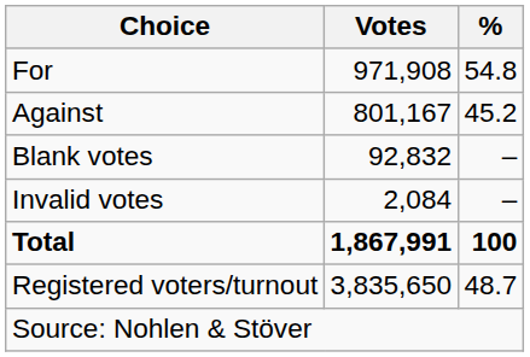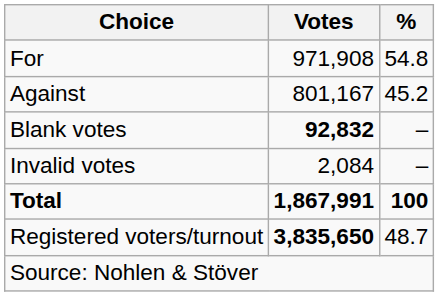 <table class=wikitable style=text-align:right>
 <tr>
 <th>Choice</th>
 <th>Votes</th>
 <th>%</th>
 </tr>
 <tr>
 <td align=left>For</td>
 <td>971,908</td>
 <td>54.8</td>
 </tr>
 <tr>
 <td align=left>Against</td>
 <td>801,167</td>
 <td>45.2</td>
 </tr>
 <tr>
 <td align=left>Blank votes</td>
-<td>92,832</td>
+<td><strong>92,832</strong></td>
 <td>–</td>
 </tr>
 <tr>
 <td align=left>Invalid votes</td>
 <td>2,084</td>
 <td>–</td>
 </tr>
 <tr>
 <td align=left><strong>Total</strong></td>
 <td><strong>1,867,991</strong></td>
 <td><strong>100</strong></td>
 </tr>
 <tr>
 <td align=left>Registered voters/turnout</td>
-<td>3,835,650</td>
+<td><strong>3,835,650</strong></td>
 <td>48.7</td>
 </tr>
 <tr>
 <td align=left colspan=11>Source: Nohlen & Stöver</td>
 </tr>
 </table>
